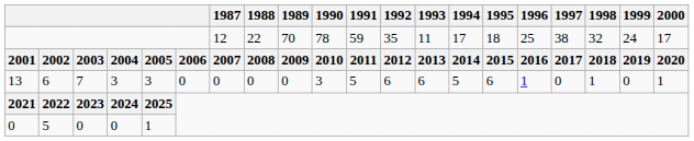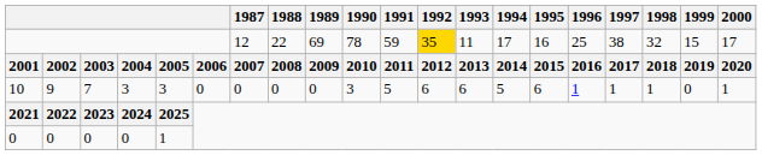 <table class="wikitable">
 <tr style="background:#cccccc;" align=center>
 <th colspan=6></th>
 <th>1987</th>
 <th>1988</th>
 <th>1989</th>
 <th>1990</th>
 <th>1991</th>
 <th>1992</th>
 <th>1993</th>
 <th>1994</th>
 <th>1995</th>
 <th>1996</th>
 <th>1997</th>
 <th>1998</th>
 <th>1999</th>
 <th>2000</th>
 </tr>
 <tr>
 <td colspan=6></td>
 <td>12</td>
 <td>22</td>
-<td>70</td>
+<td>69</td>
 <td>78</td>
 <td>59</td>
-<td>35</td>
+<td style="background: gold;">35</td>
 <td>11</td>
 <td>17</td>
-<td>18</td>
+<td>16</td>
 <td>25</td>
 <td>38</td>
 <td>32</td>
-<td>24</td>
+<td>15</td>
 <td>17</td>
 </tr>
 <tr>
 <th>2001</th>
 <th>2002</th>
 <th>2003</th>
 <th>2004</th>
 <th>2005</th>
 <th>2006</th>
 <th>2007</th>
 <th>2008</th>
 <th>2009</th>
 <th>2010</th>
 <th>2011</th>
 <th>2012</th>
 <th>2013</th>
 <th>2014</th>
 <th>2015</th>
 <th>2016</th>
 <th>2017</th>
 <th>2018</th>
 <th>2019</th>
 <th>2020</th>
 </tr>
 <tr>
-<td>13</td>
-<td>6</td>
+<td>10</td>
+<td>9</td>
 <td>7</td>
 <td>3</td>
 <td>3</td>
 <td>0</td>
 <td>0</td>
 <td>0</td>
 <td>0</td>
 <td>3</td>
 <td>5</td>
 <td>6</td>
 <td>6</td>
 <td>5</td>
 <td>6</td>
 <td><a href='#'>1</a></td>
-<td>0</td>
+<td>1</td>
 <td>1</td>
 <td>0</td>
 <td>1</td>
 </tr>
 <tr valign="top">
 <th>2021</th>
 <th>2022</th>
 <th>2023</th>
 <th>2024</th>
 <th>2025</th>
 </tr>
 <tr>
 <td>0</td>
-<td>5</td>
+<td>0</td>
 <td>0</td>
 <td>0</td>
 <td>1</td>
 </tr>
 </table>
